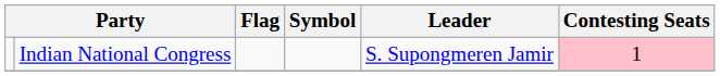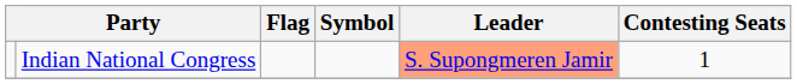 <table class="wikitable" style="text-align:center">
 <tr>
 <th colspan="2">Party</th>
 <th>Flag</th>
 <th>Symbol</th>
 <th>Leader</th>
 <th>Contesting Seats</th>
 </tr>
 <tr>
 <td></td>
 <td><a href='#'>Indian National Congress</a></td>
 <td></td>
 <td></td>
-<td><a href='#'>S. Supongmeren Jamir</a></td>
-<td style="background: pink;">1</td>
+<td style="background: lightsalmon;"><a href='#'>S. Supongmeren Jamir</a></td>
+<td>1</td>
 </tr>
 <tr>
 </tr>
 </table>
